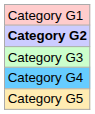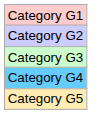 <table class="sortable wikitable" style="font-size:85%">
 <tr bgcolor="#ffcccc">
 <td>Category G1</td>
 </tr>
 <tr bgcolor="#ccccff">
-<td><strong>Category G2</strong></td>
+<td>Category G2</td>
 </tr>
 <tr bgcolor="#CCFFCC">
 <td>Category G3</td>
 </tr>
 <tr bgcolor="#66CCFF">
 <td>Category G4</td>
 </tr>
 <tr bgcolor="#ffecb2">
 <td>Category G5</td>
 </tr>
 </table>
